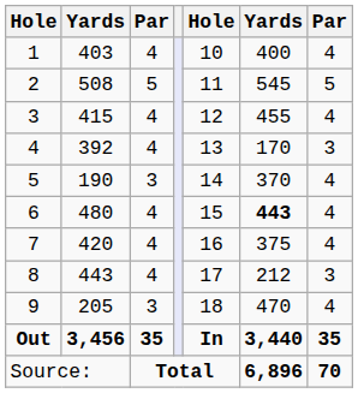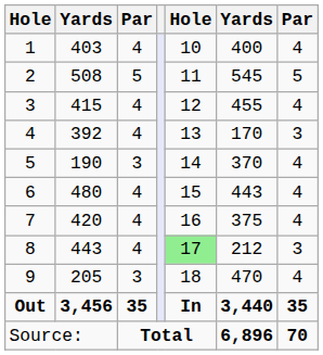 <table class="wikitable" style="text-align:center; font-size:100%;">
 <tr>
 <th>Hole</th>
 <th>Yards</th>
 <th>Par</th>
 <th></th>
 <th>Hole</th>
 <th>Yards</th>
 <th>Par</th>
 </tr>
 <tr>
 <td>1</td>
 <td>403</td>
 <td>4</td>
 <td rowspan=10 style="background:#E6E8FA;"></td>
 <td>10</td>
 <td>400</td>
 <td>4</td>
 </tr>
 <tr>
 <td>2</td>
 <td>508</td>
 <td>5</td>
 <td>11</td>
 <td>545</td>
 <td>5</td>
 </tr>
 <tr>
 <td>3</td>
 <td>415</td>
 <td>4</td>
 <td>12</td>
 <td>455</td>
 <td>4</td>
 </tr>
 <tr>
 <td>4</td>
 <td>392</td>
 <td>4</td>
 <td>13</td>
 <td>170</td>
 <td>3</td>
 </tr>
 <tr>
 <td>5</td>
 <td>190</td>
 <td>3</td>
 <td>14</td>
 <td>370</td>
 <td>4</td>
 </tr>
 <tr>
 <td>6</td>
 <td>480</td>
 <td>4</td>
 <td>15</td>
-<td><strong>443</strong></td>
+<td>443</td>
 <td>4</td>
 </tr>
 <tr>
 <td>7</td>
 <td>420</td>
 <td>4</td>
 <td>16</td>
 <td>375</td>
 <td>4</td>
 </tr>
 <tr>
 <td>8</td>
 <td>443</td>
 <td>4</td>
-<td>17</td>
+<td style="background: lightgreen;">17</td>
 <td>212</td>
 <td>3</td>
 </tr>
 <tr>
 <td>9</td>
 <td>205</td>
 <td>3</td>
 <td>18</td>
 <td>470</td>
 <td>4</td>
 </tr>
 <tr>
 <td><strong>Out</strong></td>
 <td><strong>3,456</strong></td>
 <td><strong>35</strong></td>
 <td><strong>In</strong></td>
 <td><strong>3,440</strong></td>
 <td><strong>35</strong></td>
 </tr>
 <tr>
 <td colspan=2 align=left>Source:</td>
 <td colspan=3><strong>Total</strong></td>
 <td><strong>6,896</strong></td>
 <td><strong>70</strong></td>
 </tr>
 </table>
